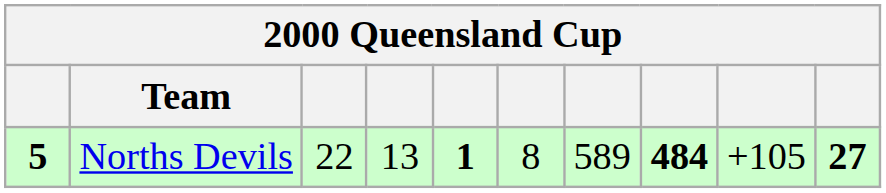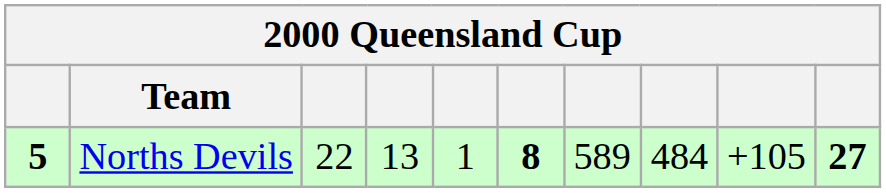 <table class="wikitable" style="text-align:center;">
 <tr>
 <th colspan="11">2000 Queensland Cup</th>
 </tr>
 <tr>
 <th width="20"></th>
 <th>Team</th>
 <th width="20"></th>
 <th width="20"></th>
 <th width="20"></th>
 <th width="20"></th>
 <th width="25"></th>
 <th width="25"></th>
 <th width="30"></th>
 <th width="20"></th>
 </tr>
 <tr style="background: #ccffcc;">
 <td><strong>5</strong></td>
 <td style="text-align:left;"> <a href='#'>Norths Devils</a></td>
 <td>22</td>
 <td>13</td>
-<td><strong>1</strong></td>
-<td>8</td>
+<td>1</td>
+<td><strong>8</strong></td>
 <td>589</td>
-<td><strong>484</strong></td>
+<td>484</td>
 <td>+105</td>
 <td><strong>27</strong></td>
 </tr>
 </table>
